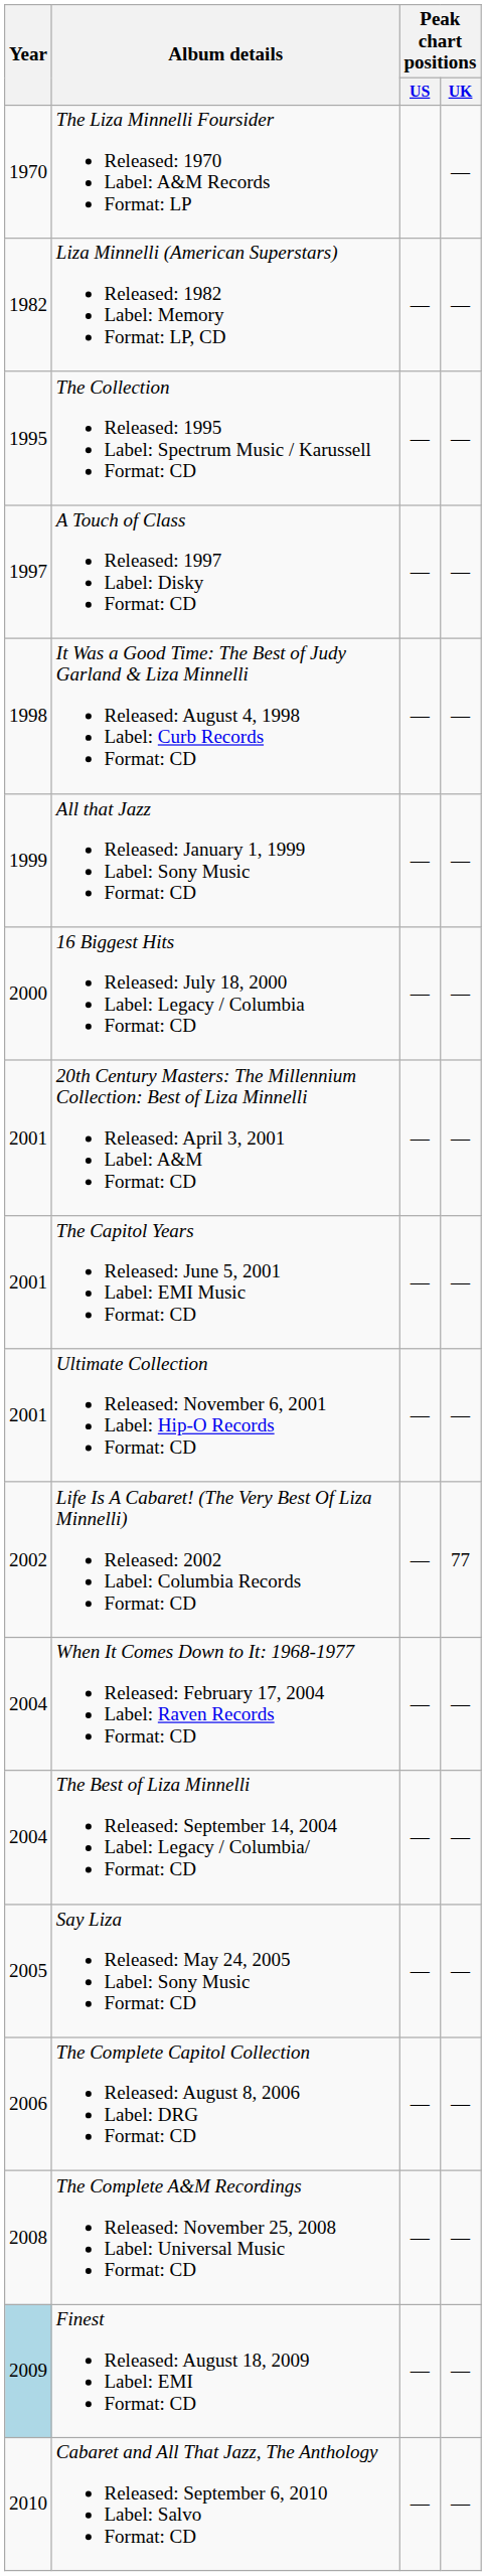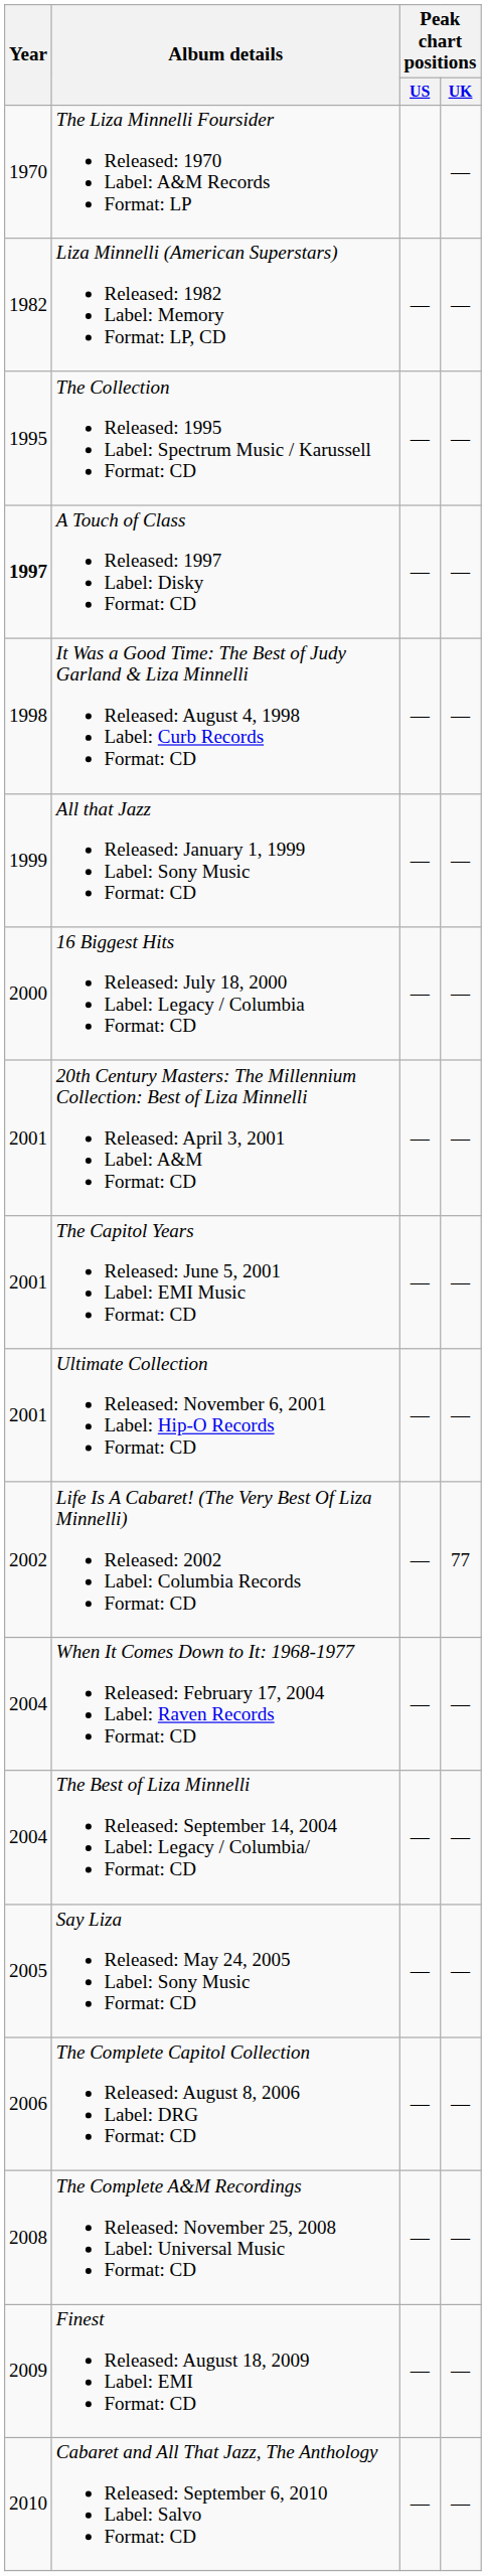 <table class="wikitable" style="text-align:center;">
 <tr>
 <th rowspan="2" style="width:30px;">Year</th>
 <th rowspan="2" style="width:283px;">Album details</th>
 <th colspan="2" style="width:20px;">Peak chart positions</th>
 </tr>
 <tr style="font-size:smaller;">
 <th style="width:20px;"><a href='#'>US</a><br></th>
 <th style="width:20px;"><a href='#'>UK</a><br></th>
 </tr>
 <tr>
 <td>1970</td>
 <td align="left"><em>The Liza Minnelli Foursider</em><br><ul><li>Released: 1970</li><li>Label: A&M Records</li><li>Format: LP</li></ul></td>
 <td></td>
 <td>—</td>
 </tr>
 <tr>
 <td>1982</td>
 <td align="left"><em>Liza Minnelli (American Superstars)</em><br><ul><li>Released: 1982</li><li>Label: Memory</li><li>Format: LP, CD</li></ul></td>
 <td>—</td>
 <td>—</td>
 </tr>
 <tr>
 <td>1995</td>
 <td align="left"><em>The Collection</em><br><ul><li>Released: 1995</li><li>Label: Spectrum Music / Karussell</li><li>Format: CD</li></ul></td>
 <td>—</td>
 <td>—</td>
 </tr>
 <tr>
-<td>1997</td>
+<td><strong>1997</strong></td>
 <td align="left"><em>A Touch of Class</em><br><ul><li>Released: 1997</li><li>Label: Disky</li><li>Format: CD</li></ul></td>
 <td>—</td>
 <td>—</td>
 </tr>
 <tr>
 <td>1998</td>
 <td align="left"><em>It Was a Good Time: The Best of Judy Garland & Liza Minnelli</em><br><ul><li>Released: August 4, 1998</li><li>Label: <a href='#'>Curb Records</a></li><li>Format: CD</li></ul></td>
 <td>—</td>
 <td>—</td>
 </tr>
 <tr>
 <td>1999</td>
 <td align="left"><em>All that Jazz</em><br><ul><li>Released: January 1, 1999</li><li>Label: Sony Music</li><li>Format: CD</li></ul></td>
 <td>—</td>
 <td>—</td>
 </tr>
 <tr>
 <td>2000</td>
 <td align="left"><em>16 Biggest Hits</em><br><ul><li>Released: July 18, 2000</li><li>Label: Legacy / Columbia</li><li>Format: CD</li></ul></td>
 <td>—</td>
 <td>—</td>
 </tr>
 <tr>
 <td>2001</td>
 <td align="left"><em>20th Century Masters: The Millennium Collection: Best of Liza Minnelli</em><br><ul><li>Released: April 3, 2001</li><li>Label: A&M</li><li>Format: CD</li></ul></td>
 <td>—</td>
 <td>—</td>
 </tr>
 <tr>
 <td>2001</td>
 <td align="left"><em>The Capitol Years</em><br><ul><li>Released: June 5, 2001</li><li>Label: EMI Music</li><li>Format: CD</li></ul></td>
 <td>—</td>
 <td>—</td>
 </tr>
 <tr>
 <td>2001</td>
 <td align="left"><em>Ultimate Collection</em><br><ul><li>Released:  November 6, 2001</li><li>Label: <a href='#'>Hip-O Records</a></li><li>Format: CD</li></ul></td>
 <td>—</td>
 <td>—</td>
 </tr>
 <tr>
 <td>2002</td>
 <td align="left"><em>Life Is A Cabaret! (The Very Best Of Liza Minnelli)</em><br><ul><li>Released: 2002</li><li>Label: Columbia Records</li><li>Format: CD</li></ul></td>
 <td>—</td>
 <td>77</td>
 </tr>
 <tr>
 <td>2004</td>
 <td align="left"><em>When It Comes Down to It: 1968-1977 </em><br><ul><li>Released: February 17, 2004</li><li>Label: <a href='#'>Raven Records</a></li><li>Format: CD</li></ul></td>
 <td>—</td>
 <td>—</td>
 </tr>
 <tr>
 <td>2004</td>
 <td align="left"><em>The Best of Liza Minnelli</em><br><ul><li>Released: September 14, 2004</li><li>Label: Legacy / Columbia/</li><li>Format: CD</li></ul></td>
 <td>—</td>
 <td>—</td>
 </tr>
 <tr>
 <td>2005</td>
 <td align="left"><em>Say Liza</em><br><ul><li>Released: May 24, 2005</li><li>Label: Sony Music</li><li>Format: CD</li></ul></td>
 <td>—</td>
 <td>—</td>
 </tr>
 <tr>
 <td>2006</td>
 <td align="left"><em>The Complete Capitol Collection</em><br><ul><li>Released: August 8, 2006</li><li>Label: DRG</li><li>Format: CD</li></ul></td>
 <td>—</td>
 <td>—</td>
 </tr>
 <tr>
 <td>2008</td>
 <td align="left"><em>The Complete A&M Recordings</em><br><ul><li>Released: November 25, 2008</li><li>Label: Universal Music</li><li>Format: CD</li></ul></td>
 <td>—</td>
 <td>—</td>
 </tr>
 <tr>
-<td style="background: lightblue;">2009</td>
+<td>2009</td>
 <td align="left"><em>Finest</em><br><ul><li>Released: August 18, 2009</li><li>Label: EMI</li><li>Format: CD</li></ul></td>
 <td>—</td>
 <td>—</td>
 </tr>
 <tr>
 <td>2010</td>
 <td align="left"><em>Cabaret and All That Jazz, The Anthology</em><br><ul><li>Released: September 6, 2010</li><li>Label: Salvo</li><li>Format: CD</li></ul></td>
 <td>—</td>
 <td>—</td>
 </tr>
 </table>
